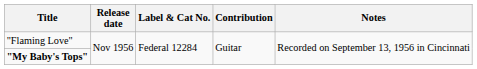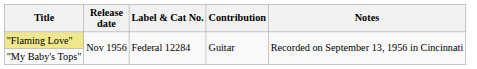 <table class="wikitable">
 <tr>
 <th>Title</th>
 <th>Release<br>date</th>
 <th>Label & Cat No.</th>
 <th>Contribution</th>
 <th>Notes</th>
 </tr>
 <tr>
-<td>"Flaming Love"</td>
+<td style="background: khaki;">"Flaming Love"</td>
 <td rowspan="2">Nov 1956<br></td>
 <td rowspan="2">Federal 12284</td>
 <td rowspan="2">Guitar</td>
 <td rowspan="2">Recorded on September 13, 1956 in Cincinnati</td>
 </tr>
 <tr>
-<td><strong>"My Baby's Tops"</strong></td>
+<td>"My Baby's Tops"</td>
 </tr>
 </table>
